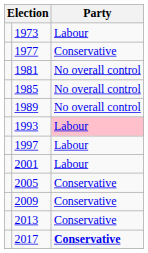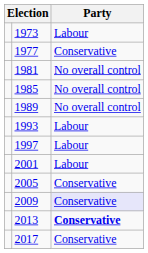 <table class="wikitable">
 <tr>
 <th colspan="2">Election</th>
 <th>Party</th>
 </tr>
 <tr>
 <td style="background-color: "></td>
 <td><a href='#'>1973</a></td>
 <td><a href='#'>Labour</a></td>
 </tr>
 <tr>
 <td style="background-color: "></td>
 <td><a href='#'>1977</a></td>
 <td><a href='#'>Conservative</a></td>
 </tr>
 <tr>
 <td style="background-color: "></td>
 <td><a href='#'>1981</a></td>
 <td><a href='#'>No overall control</a></td>
 </tr>
 <tr>
 <td style="background-color: "></td>
 <td><a href='#'>1985</a></td>
 <td><a href='#'>No overall control</a></td>
 </tr>
 <tr>
 <td style="background-color: "></td>
 <td><a href='#'>1989</a></td>
 <td><a href='#'>No overall control</a></td>
 </tr>
 <tr>
 <td style="background-color: "></td>
 <td><a href='#'>1993</a></td>
-<td style="background: pink;"><a href='#'>Labour</a></td>
+<td><a href='#'>Labour</a></td>
 </tr>
 <tr>
 <td style="background-color: "></td>
 <td><a href='#'>1997</a></td>
 <td><a href='#'>Labour</a></td>
 </tr>
 <tr>
 <td style="background-color: "></td>
 <td><a href='#'>2001</a></td>
 <td><a href='#'>Labour</a></td>
 </tr>
 <tr>
 <td style="background-color: "></td>
 <td><a href='#'>2005</a></td>
 <td><a href='#'>Conservative</a></td>
 </tr>
 <tr>
 <td style="background-color: "></td>
 <td><a href='#'>2009</a></td>
-<td><a href='#'>Conservative</a></td>
+<td style="background: lavender;"><a href='#'>Conservative</a></td>
 </tr>
 <tr>
 <td style="background-color: "></td>
 <td><a href='#'>2013</a></td>
-<td><a href='#'>Conservative</a></td>
+<td><strong><a href='#'>Conservative</a></strong></td>
 </tr>
 <tr>
 <td style="background-color: "></td>
 <td><a href='#'>2017</a></td>
-<td><strong><a href='#'>Conservative</a></strong></td>
+<td><a href='#'>Conservative</a></td>
 </tr>
 </table>
